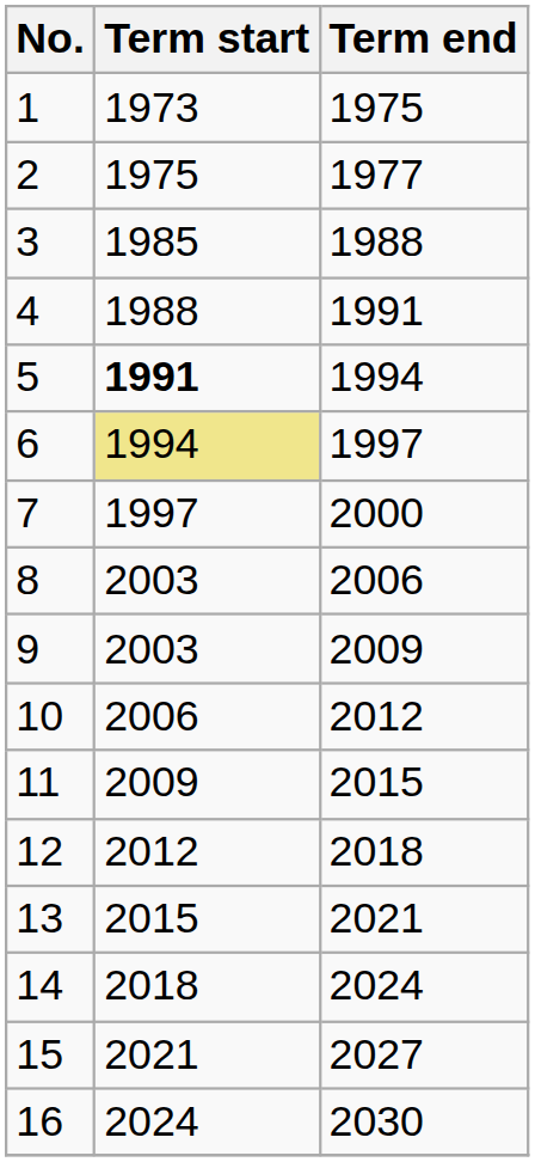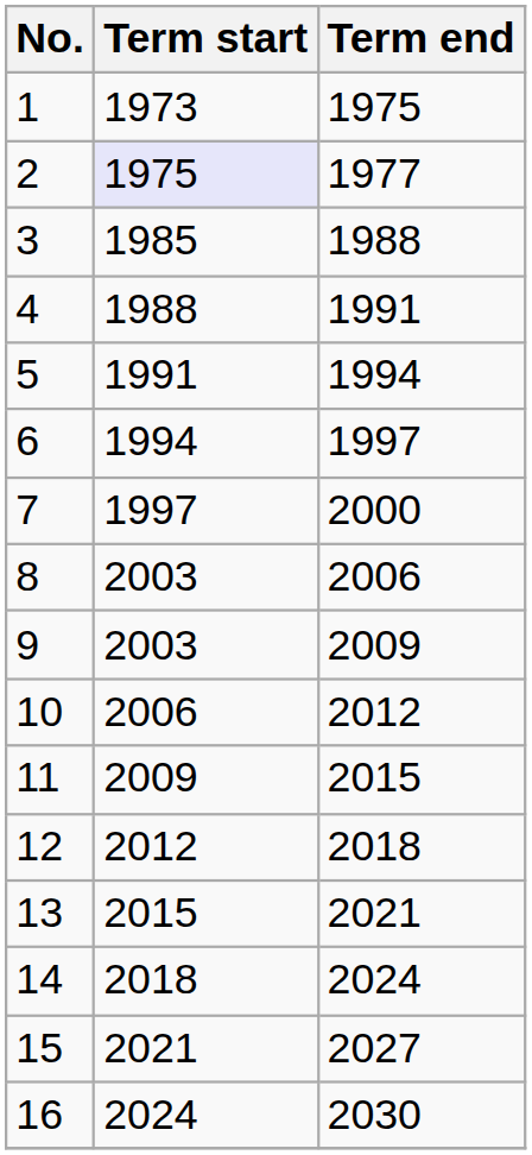 <table class="wikitable">
 <tr>
 <th>No.</th>
 <th>Term start</th>
 <th>Term end</th>
 </tr>
 <tr>
 <td>1</td>
 <td>1973</td>
 <td>1975</td>
 </tr>
 <tr>
 <td>2</td>
-<td>1975</td>
+<td style="background: lavender;">1975</td>
 <td>1977</td>
 </tr>
 <tr>
 <td>3</td>
 <td>1985</td>
 <td>1988</td>
 </tr>
 <tr>
 <td>4</td>
 <td>1988</td>
 <td>1991</td>
 </tr>
 <tr>
 <td>5</td>
-<td><strong>1991</strong></td>
+<td>1991</td>
 <td>1994</td>
 </tr>
 <tr>
 <td>6</td>
-<td style="background: khaki;">1994</td>
+<td>1994</td>
 <td>1997</td>
 </tr>
 <tr>
 <td>7</td>
 <td>1997</td>
 <td>2000</td>
 </tr>
 <tr>
 <td>8</td>
 <td>2003</td>
 <td>2006</td>
 </tr>
 <tr>
 <td>9</td>
 <td>2003</td>
 <td>2009</td>
 </tr>
 <tr>
 <td>10</td>
 <td>2006</td>
 <td>2012</td>
 </tr>
 <tr>
 <td>11</td>
 <td>2009</td>
 <td>2015</td>
 </tr>
 <tr>
 <td>12</td>
 <td>2012</td>
 <td>2018</td>
 </tr>
 <tr>
 <td>13</td>
 <td>2015</td>
 <td>2021</td>
 </tr>
 <tr>
 <td>14</td>
 <td>2018</td>
 <td>2024</td>
 </tr>
 <tr>
 <td>15</td>
 <td>2021</td>
 <td>2027</td>
 </tr>
 <tr>
 <td>16</td>
 <td>2024</td>
 <td>2030</td>
 </tr>
 <tr 2>
 </tr>
 </table>
